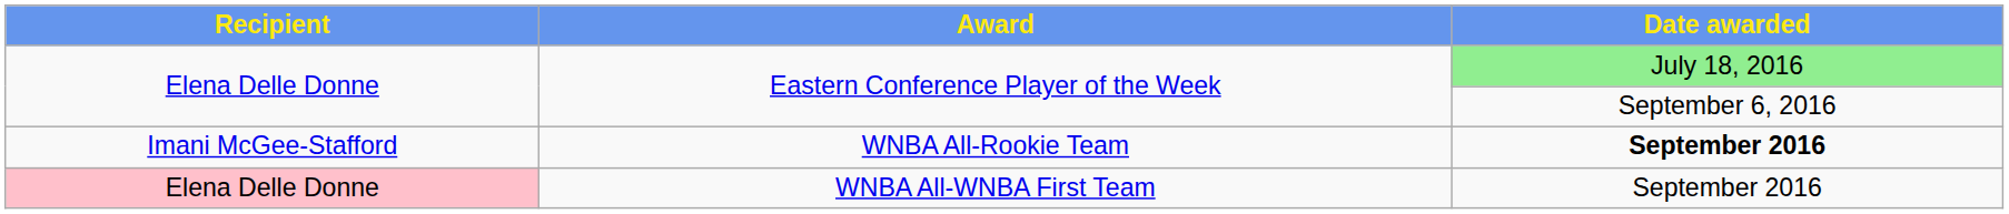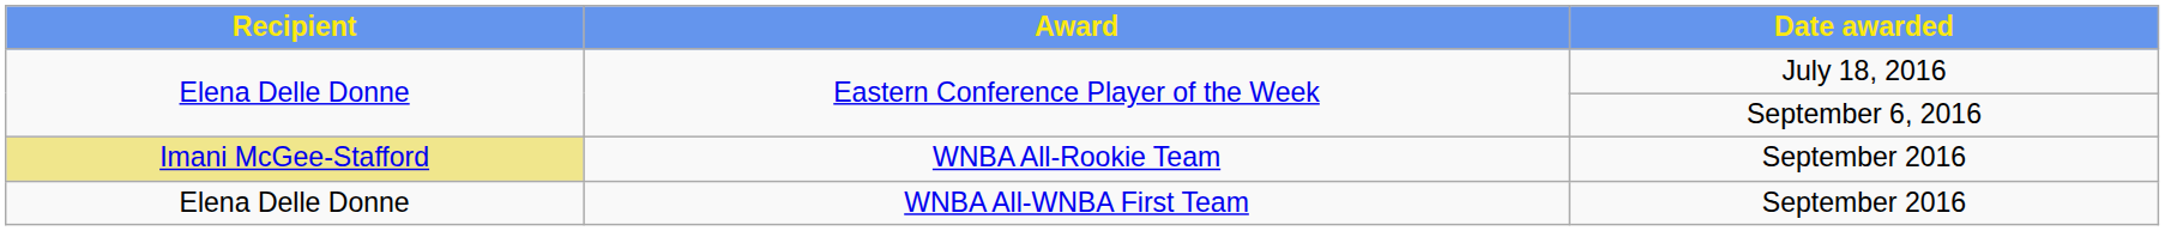 <table class="wikitable sortable sortable" style="text-align: center">
 <tr>
 <th style="background:#6495ED; color:#FDE910;" width="5%">Recipient</th>
 <th style="background:#6495ED; color:#FDE910;" width="9%">Award</th>
 <th style="background:#6495ED; color:#FDE910;" width="5%">Date awarded</th>
 </tr>
 <tr>
 <td rowspan=2><a href='#'>Elena Delle Donne</a></td>
 <td rowspan=2><a href='#'>Eastern Conference Player of the Week</a></td>
-<td style="background: lightgreen;">July 18, 2016</td>
+<td>July 18, 2016</td>
 </tr>
 <tr>
 <td>September 6, 2016</td>
 </tr>
 <tr>
-<td><a href='#'>Imani McGee-Stafford</a></td>
+<td style="background: khaki;"><a href='#'>Imani McGee-Stafford</a></td>
 <td><a href='#'>WNBA All-Rookie Team</a></td>
-<td><strong>September 2016</strong></td>
+<td>September 2016</td>
 </tr>
 <tr>
-<td style="background: pink;">Elena Delle Donne</td>
+<td>Elena Delle Donne</td>
 <td><a href='#'>WNBA All-WNBA First Team</a></td>
 <td>September 2016</td>
 </tr>
 </table>
